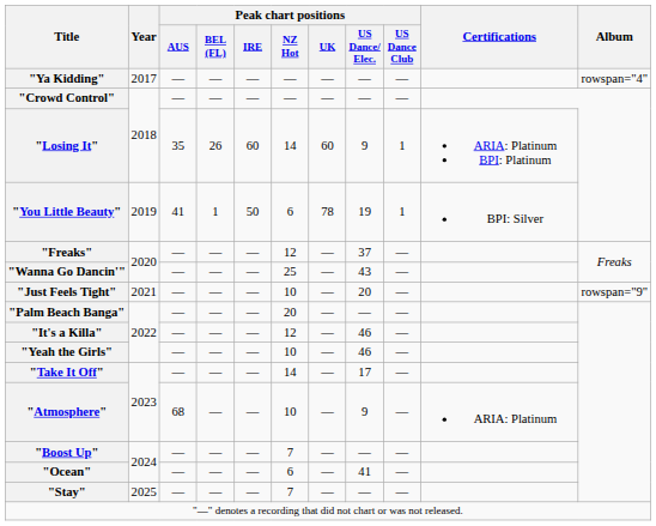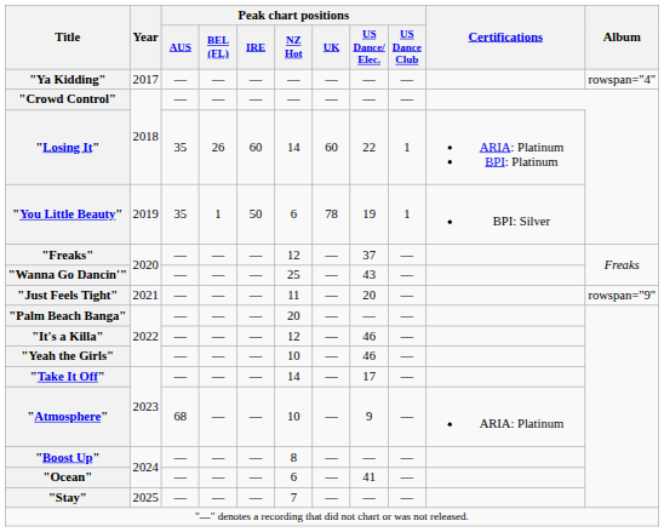 <table class="wikitable plainrowheaders" style=text-align:center;>
 <tr>
 <th scope="col" rowspan="2">Title</th>
 <th scope="col" rowspan="2">Year</th>
 <th colspan="7" scope="col">Peak chart positions</th>
 <th scope="col" rowspan="2" style="width:12em;"><a href='#'>Certifications</a></th>
 <th scope="col" rowspan="2">Album</th>
 </tr>
 <tr>
 <th scope="col" style="width:3em;font-size:85%;"><a href='#'>AUS</a><br></th>
 <th scope="col" style="width:3em;font-size:85%;"><a href='#'>BEL<br>(FL)</a><br></th>
 <th scope="col" style="width:3em;font-size:85%;"><a href='#'>IRE</a><br></th>
 <th scope="col" style="width:3em;font-size:85%;"><a href='#'>NZ<br>Hot</a><br></th>
 <th scope="col" style="width:3em;font-size:85%;"><a href='#'>UK</a><br></th>
 <th scope="col" style="width:3em;font-size:85%;"><a href='#'>US Dance/<br>Elec.</a><br></th>
 <th scope="col" style="width:3em;font-size:85%;"><a href='#'>US Dance Club</a><br></th>
 </tr>
 <tr>
 <th scope="row">"Ya Kidding"</th>
 <td>2017</td>
 <td>—</td>
 <td>—</td>
 <td>—</td>
 <td>—</td>
 <td>—</td>
 <td>—</td>
 <td>—</td>
 <td></td>
 <td>rowspan="4" </td>
 </tr>
 <tr>
 <th scope="row">"Crowd Control"</th>
 <td rowspan="2">2018</td>
 <td>—</td>
 <td>—</td>
 <td>—</td>
 <td>—</td>
 <td>—</td>
 <td>—</td>
 <td>—</td>
 </tr>
 <tr>
 <th scope="row">"<a href='#'>Losing It</a>"</th>
 <td>35</td>
 <td>26</td>
 <td>60</td>
 <td>14</td>
 <td>60</td>
-<td>9</td>
+<td>22</td>
 <td>1</td>
 <td><br><ul><li><a href='#'>ARIA</a>: Platinum</li><li><a href='#'>BPI</a>: Platinum</li></ul></td>
 </tr>
 <tr>
 <th scope="row">"<a href='#'>You Little Beauty</a>"</th>
 <td>2019</td>
-<td>41</td>
+<td>35</td>
 <td>1</td>
 <td>50</td>
 <td>6</td>
 <td>78</td>
 <td>19</td>
 <td>1</td>
 <td><br><ul><li>BPI: Silver</li></ul></td>
 </tr>
 <tr>
 <th scope="row">"Freaks"</th>
 <td rowspan="2">2020</td>
 <td>—</td>
 <td>—</td>
 <td>—</td>
 <td>12</td>
 <td>—</td>
 <td>37</td>
 <td>—</td>
 <td></td>
 <td rowspan="2"><em>Freaks</em></td>
 </tr>
 <tr>
 <th scope="row">"Wanna Go Dancin'"</th>
 <td>—</td>
 <td>—</td>
 <td>—</td>
 <td>25</td>
 <td>—</td>
 <td>43</td>
 <td>—</td>
 <td></td>
 </tr>
 <tr>
 <th scope="row">"Just Feels Tight"</th>
 <td>2021</td>
 <td>—</td>
 <td>—</td>
 <td>—</td>
-<td>10</td>
+<td>11</td>
 <td>—</td>
 <td>20</td>
 <td>—</td>
 <td></td>
 <td>rowspan="9" </td>
 </tr>
 <tr>
 <th scope="row">"Palm Beach Banga"</th>
 <td rowspan="3">2022</td>
 <td>—</td>
 <td>—</td>
 <td>—</td>
 <td>20</td>
 <td>—</td>
 <td>—</td>
 <td>—</td>
 <td></td>
 </tr>
 <tr>
 <th scope="row">"It's a Killa" <br></th>
 <td>—</td>
 <td>—</td>
 <td>—</td>
 <td>12</td>
 <td>—</td>
 <td>46</td>
 <td>—</td>
 <td></td>
 </tr>
 <tr>
 <th scope="row">"Yeah the Girls"<br></th>
 <td>—</td>
 <td>—</td>
 <td>—</td>
 <td>10</td>
 <td>—</td>
 <td>46</td>
 <td>—</td>
 <td></td>
 </tr>
 <tr>
 <th scope="row">"<a href='#'>Take It Off</a>"<br></th>
 <td rowspan="2">2023</td>
 <td>—</td>
 <td>—</td>
 <td>—</td>
 <td>14</td>
 <td>—</td>
 <td>17</td>
 <td>—</td>
 <td></td>
 </tr>
 <tr>
 <th scope="row">"<a href='#'>Atmosphere</a>"<br></th>
 <td>68</td>
 <td>—</td>
 <td>—</td>
 <td>10</td>
 <td>—</td>
 <td>9</td>
 <td>—</td>
 <td><br><ul><li>ARIA: Platinum</li></ul></td>
 </tr>
 <tr>
 <th scope="row">"<a href='#'>Boost Up</a>" <br></th>
 <td rowspan="2">2024</td>
 <td>—</td>
 <td>—</td>
 <td>—</td>
-<td>7</td>
+<td>8</td>
 <td>—</td>
 <td>—</td>
 <td>—</td>
 <td></td>
 </tr>
 <tr>
 <th scope="row">"Ocean" <br></th>
 <td>—</td>
 <td>—</td>
 <td>—</td>
 <td>6</td>
 <td>—</td>
 <td>41</td>
 <td>—</td>
 <td></td>
 </tr>
 <tr>
 <th scope="row">"Stay"</th>
 <td>2025</td>
 <td>—</td>
 <td>—</td>
 <td>—</td>
 <td>7</td>
 <td>—</td>
 <td>—</td>
 <td>—</td>
 <td></td>
 </tr>
 <tr>
 <td colspan="11" style="font-size:85%">"—" denotes a recording that did not chart or was not released.</td>
 </tr>
 </table>
